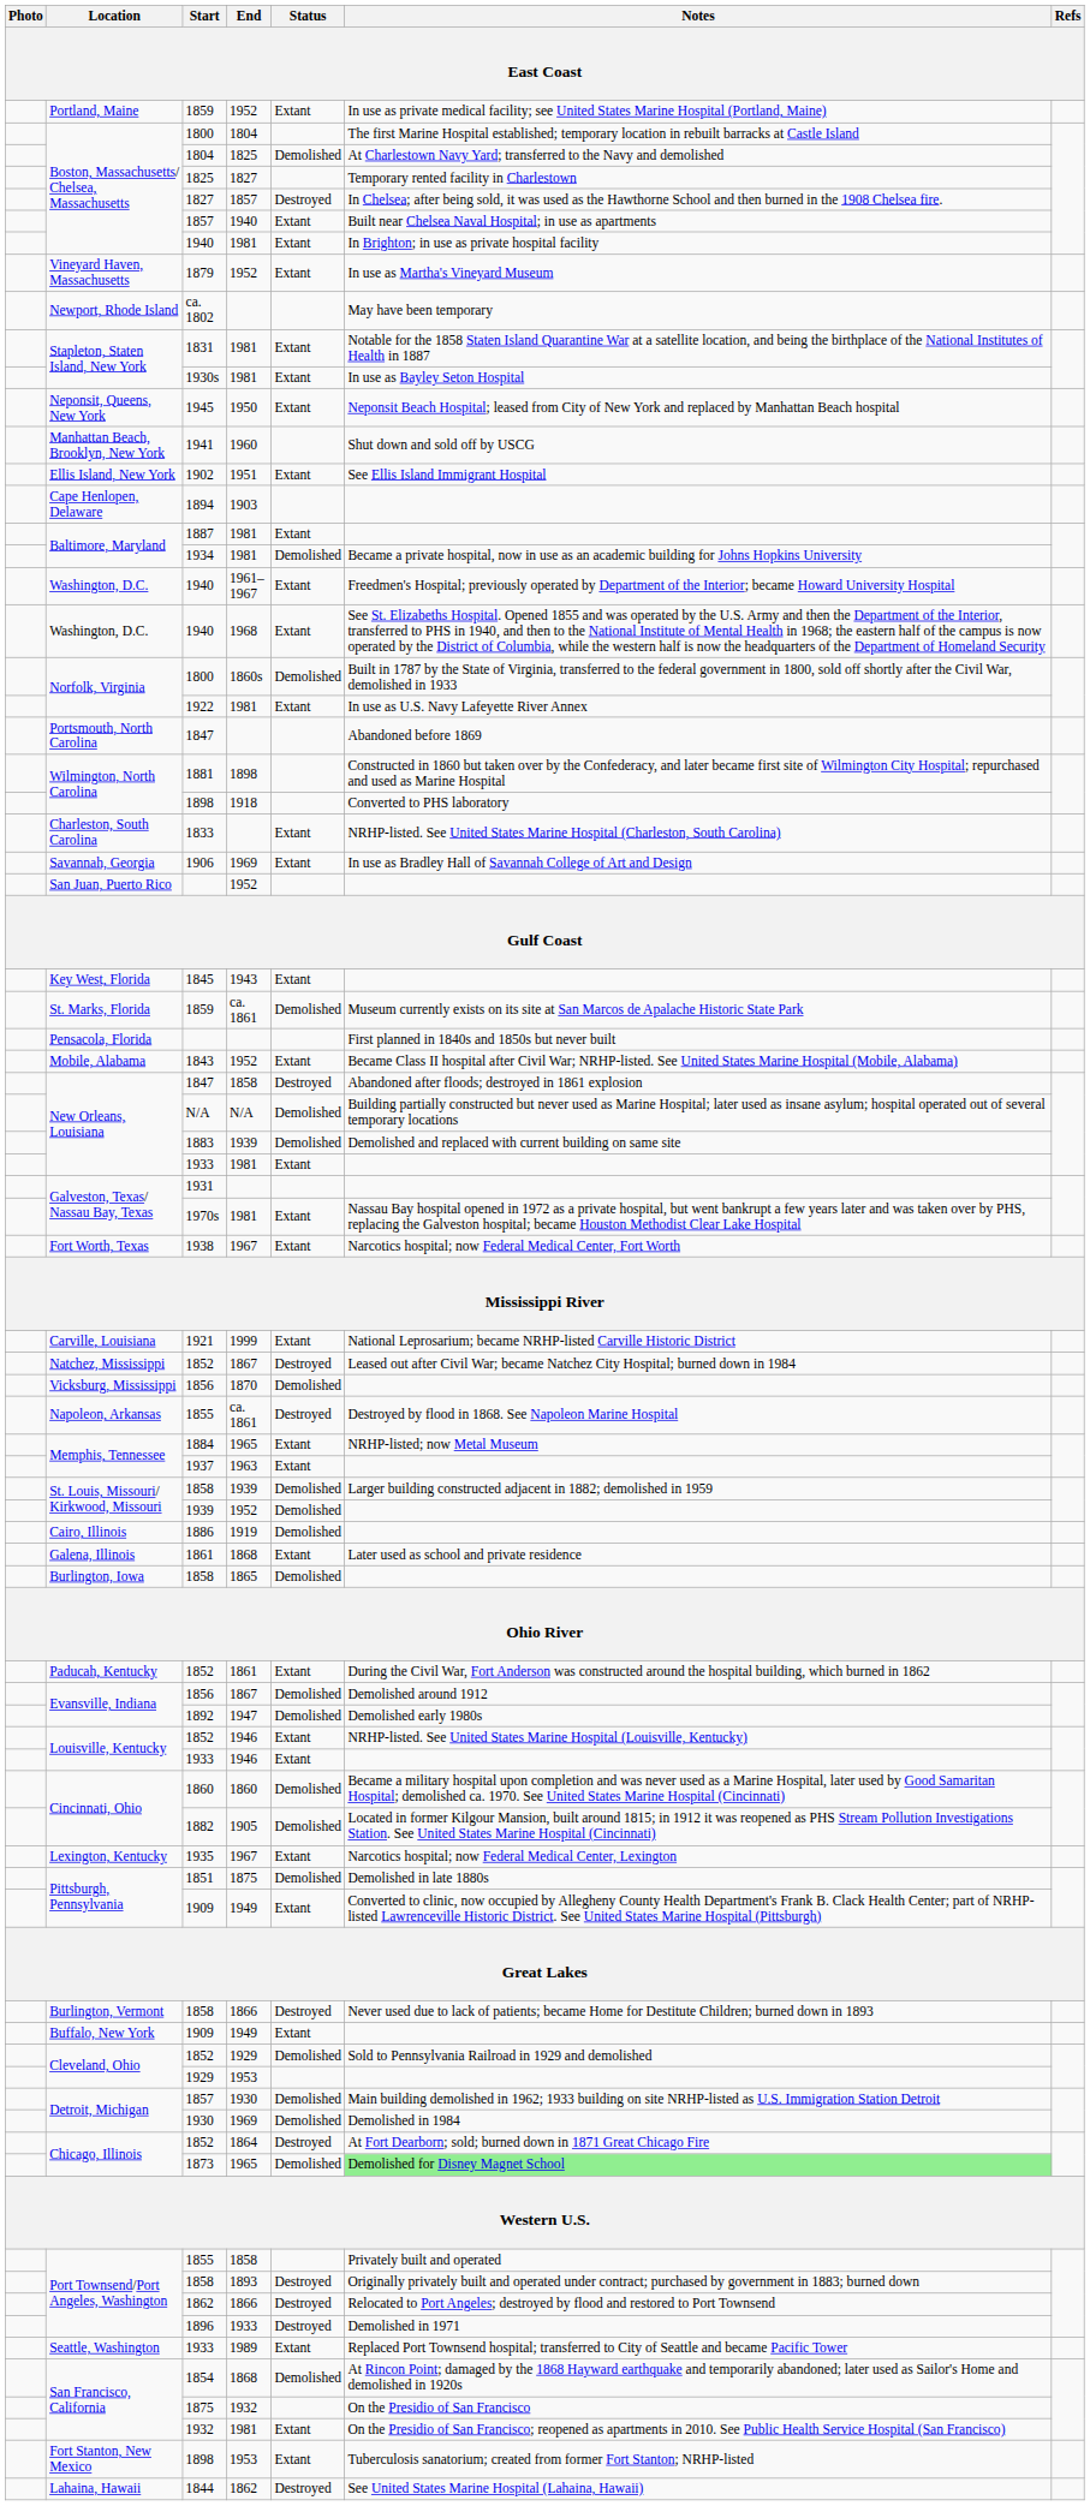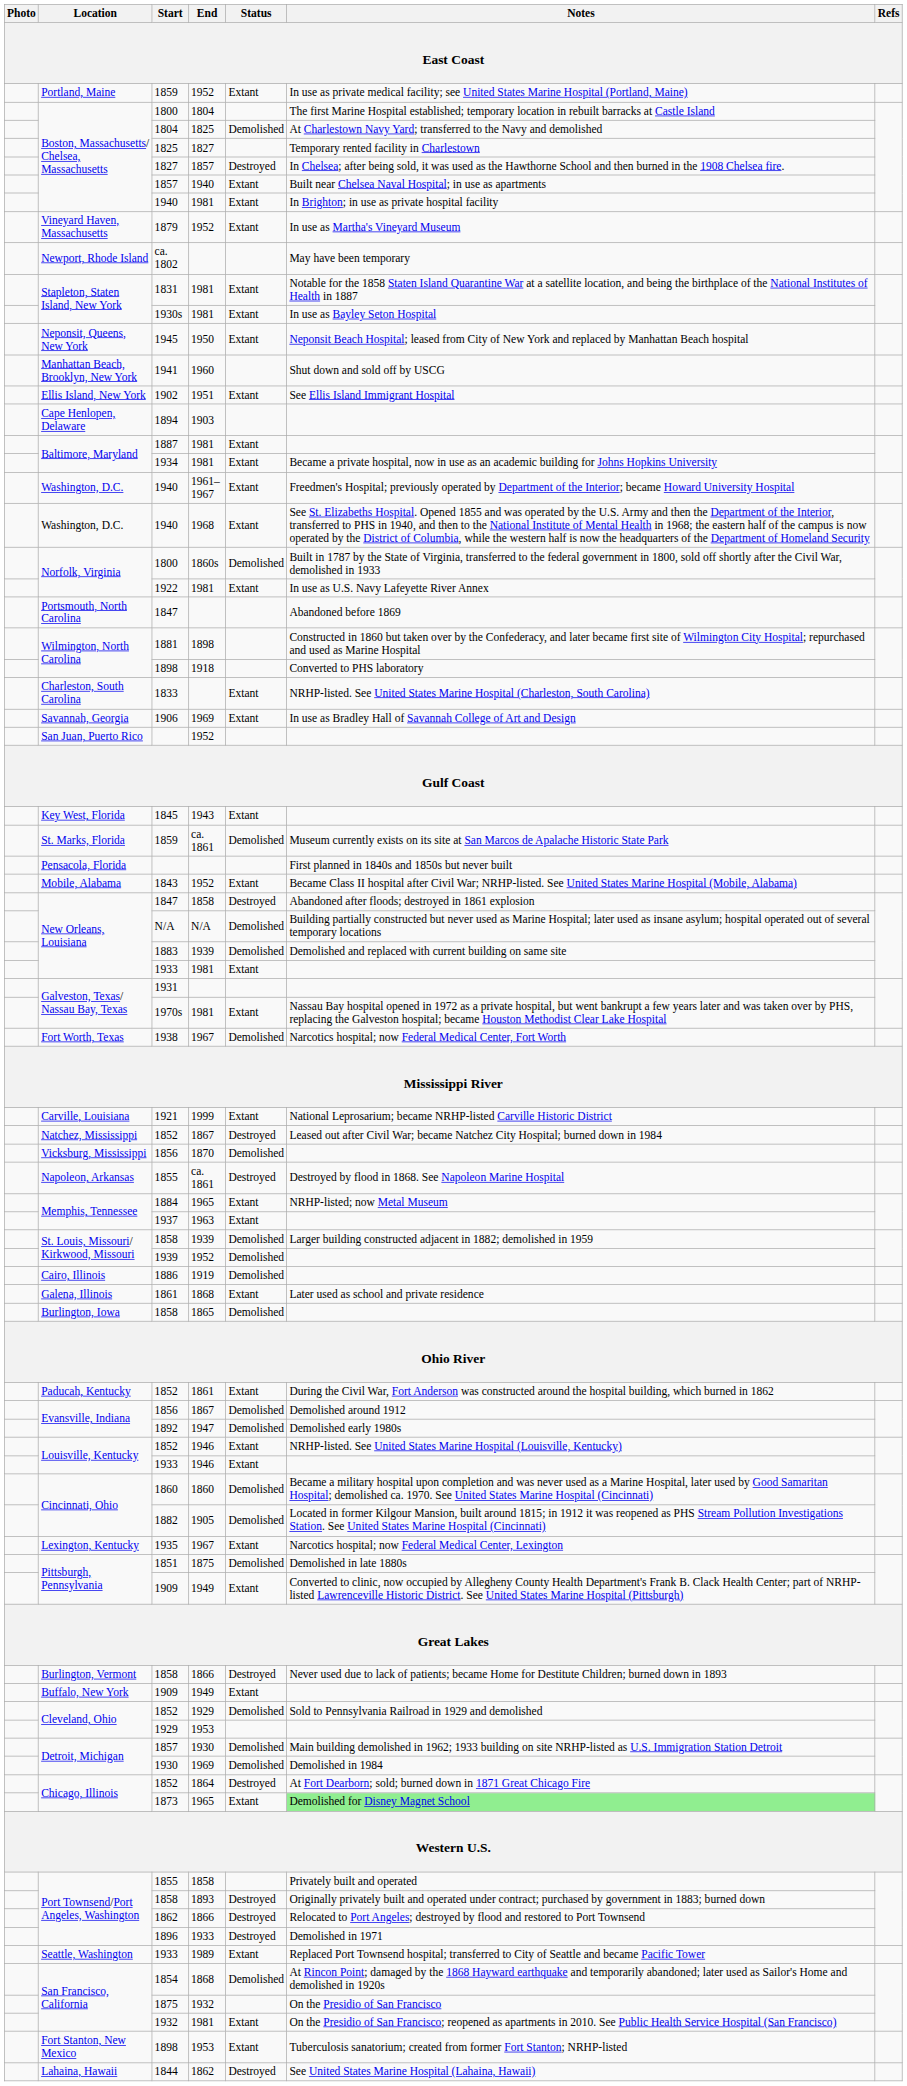 <table class="wikitable sortable">
 <tr>
 <th>Photo</th>
 <th>Location</th>
 <th>Start</th>
 <th>End</th>
 <th>Status</th>
 <th>Notes</th>
 <th>Refs</th>
 </tr>
 <tr>
 <th colspan="7"><br><h3>East Coast</h3></th>
 </tr>
 <tr>
 <td></td>
 <td><a href='#'>Portland, Maine</a></td>
 <td>1859</td>
 <td>1952</td>
 <td>Extant</td>
 <td>In use as private medical facility; see <a href='#'>United States Marine Hospital (Portland, Maine)</a></td>
 <td></td>
 </tr>
 <tr>
 <td></td>
 <td rowspan="6"><a href='#'>Boston, Massachusetts</a>/<br><a href='#'>Chelsea, Massachusetts</a></td>
 <td>1800</td>
 <td>1804</td>
 <td></td>
 <td>The first Marine Hospital established; temporary location in rebuilt barracks at <a href='#'>Castle Island</a></td>
 <td rowspan="6"></td>
 </tr>
 <tr>
 <td></td>
 <td>1804</td>
 <td>1825</td>
 <td>Demolished</td>
 <td>At <a href='#'>Charlestown Navy Yard</a>; transferred to the Navy and demolished</td>
 </tr>
 <tr>
 <td></td>
 <td>1825</td>
 <td>1827</td>
 <td></td>
 <td>Temporary rented facility in <a href='#'>Charlestown</a></td>
 </tr>
 <tr>
 <td></td>
 <td>1827</td>
 <td>1857</td>
 <td>Destroyed</td>
 <td>In <a href='#'>Chelsea</a>; after being sold, it was used as the Hawthorne School and then burned in the <a href='#'>1908 Chelsea fire</a>.</td>
 </tr>
 <tr>
 <td></td>
 <td>1857</td>
 <td>1940</td>
 <td>Extant</td>
 <td>Built near <a href='#'>Chelsea Naval Hospital</a>; in use as apartments</td>
 </tr>
 <tr>
 <td></td>
 <td>1940</td>
 <td>1981</td>
 <td>Extant</td>
 <td>In <a href='#'>Brighton</a>; in use as private hospital facility</td>
 </tr>
 <tr>
 <td></td>
 <td><a href='#'>Vineyard Haven, Massachusetts</a></td>
 <td>1879</td>
 <td>1952</td>
 <td>Extant</td>
 <td>In use as <a href='#'>Martha's Vineyard Museum</a></td>
 <td></td>
 </tr>
 <tr>
 <td></td>
 <td><a href='#'>Newport, Rhode Island</a></td>
 <td>ca. 1802</td>
 <td></td>
 <td></td>
 <td>May have been temporary</td>
 <td></td>
 </tr>
 <tr>
 <td></td>
 <td rowspan="2"><a href='#'>Stapleton, Staten Island, New York</a></td>
 <td>1831</td>
 <td>1981</td>
 <td>Extant</td>
 <td>Notable for the 1858 <a href='#'>Staten Island Quarantine War</a> at a satellite location, and being the birthplace of the <a href='#'>National Institutes of Health</a> in 1887</td>
 <td rowspan="2"></td>
 </tr>
 <tr>
 <td></td>
 <td>1930s</td>
 <td>1981</td>
 <td>Extant</td>
 <td>In use as <a href='#'>Bayley Seton Hospital</a></td>
 </tr>
 <tr>
 <td></td>
 <td><a href='#'>Neponsit, Queens, New York</a></td>
 <td>1945</td>
 <td>1950</td>
 <td>Extant</td>
 <td><a href='#'>Neponsit Beach Hospital</a>; leased from City of New York and replaced by Manhattan Beach hospital</td>
 <td></td>
 </tr>
 <tr>
 <td></td>
 <td><a href='#'>Manhattan Beach, Brooklyn, New York</a></td>
 <td>1941</td>
 <td>1960</td>
 <td></td>
 <td>Shut down and sold off by USCG</td>
 <td></td>
 </tr>
 <tr>
 <td></td>
 <td><a href='#'>Ellis Island, New York</a></td>
 <td>1902</td>
 <td>1951</td>
 <td>Extant</td>
 <td>See <a href='#'>Ellis Island Immigrant Hospital</a></td>
 <td></td>
 </tr>
 <tr>
 <td></td>
 <td><a href='#'>Cape Henlopen, Delaware</a></td>
 <td>1894</td>
 <td>1903</td>
 <td></td>
 <td></td>
 <td></td>
 </tr>
 <tr>
 <td></td>
 <td rowspan="2"><a href='#'>Baltimore, Maryland</a></td>
 <td>1887</td>
 <td>1981</td>
 <td>Extant</td>
 <td></td>
 <td rowspan="2"></td>
 </tr>
 <tr>
 <td></td>
 <td>1934</td>
 <td>1981</td>
-<td>Demolished</td>
+<td>Extant</td>
 <td>Became a private hospital, now in use as an academic building for <a href='#'>Johns Hopkins University</a></td>
 </tr>
 <tr>
 <td></td>
 <td><a href='#'>Washington, D.C.</a></td>
 <td>1940</td>
 <td>1961–<br>1967</td>
 <td>Extant</td>
 <td>Freedmen's Hospital; previously operated by <a href='#'>Department of the Interior</a>; became <a href='#'>Howard University Hospital</a></td>
 <td></td>
 </tr>
 <tr>
 <td></td>
 <td>Washington, D.C.</td>
 <td>1940</td>
 <td>1968</td>
 <td>Extant</td>
 <td>See <a href='#'>St. Elizabeths Hospital</a>.  Opened 1855 and was operated by the U.S. Army and then the <a href='#'>Department of the Interior</a>, transferred to PHS in 1940, and then to the <a href='#'>National Institute of Mental Health</a> in 1968; the eastern half of the campus is now operated by the <a href='#'>District of Columbia</a>, while the western half is now the headquarters of the <a href='#'>Department of Homeland Security</a></td>
 <td></td>
 </tr>
 <tr>
 <td></td>
 <td rowspan="2"><a href='#'>Norfolk, Virginia</a></td>
 <td>1800</td>
 <td>1860s</td>
 <td>Demolished</td>
 <td>Built in 1787 by the State of Virginia, transferred to the federal government in 1800, sold off shortly after the Civil War, demolished in 1933</td>
 <td rowspan="2"></td>
 </tr>
 <tr>
 <td></td>
 <td>1922</td>
 <td>1981</td>
 <td>Extant</td>
 <td>In use as U.S. Navy Lafeyette River Annex</td>
 </tr>
 <tr>
 <td></td>
 <td><a href='#'>Portsmouth, North Carolina</a></td>
 <td>1847</td>
 <td></td>
 <td></td>
 <td>Abandoned before 1869</td>
 <td></td>
 </tr>
 <tr>
 <td></td>
 <td rowspan="2"><a href='#'>Wilmington, North Carolina</a></td>
 <td>1881</td>
 <td>1898</td>
 <td></td>
 <td>Constructed in 1860 but taken over by the Confederacy, and later became first site of <a href='#'>Wilmington City Hospital</a>; repurchased and used as Marine Hospital</td>
 <td rowspan="2"></td>
 </tr>
 <tr>
 <td></td>
 <td>1898</td>
 <td>1918</td>
 <td></td>
 <td>Converted to PHS laboratory</td>
 </tr>
 <tr>
 <td></td>
 <td><a href='#'>Charleston, South Carolina</a></td>
 <td>1833</td>
 <td></td>
 <td>Extant</td>
 <td>NRHP-listed.  See <a href='#'>United States Marine Hospital (Charleston, South Carolina)</a></td>
 <td></td>
 </tr>
 <tr>
 <td></td>
 <td><a href='#'>Savannah, Georgia</a></td>
 <td>1906</td>
 <td>1969</td>
 <td>Extant</td>
 <td>In use as Bradley Hall of <a href='#'>Savannah College of Art and Design</a></td>
 <td></td>
 </tr>
 <tr>
 <td></td>
 <td><a href='#'>San Juan, Puerto Rico</a></td>
 <td></td>
 <td>1952</td>
 <td></td>
 <td></td>
 <td></td>
 </tr>
 <tr>
 <th colspan="7"><br><h3>Gulf Coast</h3></th>
 </tr>
 <tr>
 <td></td>
 <td><a href='#'>Key West, Florida</a></td>
 <td>1845</td>
 <td>1943</td>
 <td>Extant</td>
 <td></td>
 <td></td>
 </tr>
 <tr>
 <td></td>
 <td><a href='#'>St. Marks, Florida</a></td>
 <td>1859</td>
 <td>ca. 1861</td>
 <td>Demolished</td>
 <td>Museum currently exists on its site at <a href='#'>San Marcos de Apalache Historic State Park</a></td>
 <td></td>
 </tr>
 <tr>
 <td></td>
 <td><a href='#'>Pensacola, Florida</a></td>
 <td></td>
 <td></td>
 <td></td>
 <td>First planned in 1840s and 1850s but never built</td>
 <td></td>
 </tr>
 <tr>
 <td></td>
 <td><a href='#'>Mobile, Alabama</a></td>
 <td>1843</td>
 <td>1952</td>
 <td>Extant</td>
 <td>Became Class II hospital after Civil War; NRHP-listed.  See <a href='#'>United States Marine Hospital (Mobile, Alabama)</a></td>
 <td></td>
 </tr>
 <tr>
 <td></td>
 <td rowspan="4"><a href='#'>New Orleans, Louisiana</a></td>
 <td>1847</td>
 <td>1858</td>
 <td>Destroyed</td>
 <td>Abandoned after floods; destroyed in 1861 explosion</td>
 <td rowspan="4"></td>
 </tr>
 <tr>
 <td></td>
 <td>N/A</td>
 <td>N/A</td>
 <td>Demolished</td>
 <td>Building partially constructed but never used as Marine Hospital; later used as insane asylum; hospital operated out of several temporary locations</td>
 </tr>
 <tr>
 <td></td>
 <td>1883</td>
 <td>1939</td>
 <td>Demolished</td>
 <td>Demolished and replaced with current building on same site</td>
 </tr>
 <tr>
 <td></td>
 <td>1933</td>
 <td>1981</td>
 <td>Extant</td>
 <td></td>
 </tr>
 <tr>
 <td></td>
 <td rowspan="2"><a href='#'>Galveston, Texas</a>/<br><a href='#'>Nassau Bay, Texas</a></td>
 <td>1931</td>
 <td></td>
 <td></td>
 <td></td>
 <td rowspan="2"></td>
 </tr>
 <tr>
 <td></td>
 <td>1970s</td>
 <td>1981</td>
 <td>Extant</td>
 <td>Nassau Bay hospital opened in 1972 as a private hospital, but went bankrupt a few years later and was taken over by PHS, replacing the Galveston hospital; became <a href='#'>Houston Methodist Clear Lake Hospital</a></td>
 </tr>
 <tr>
 <td></td>
 <td><a href='#'>Fort Worth, Texas</a></td>
 <td>1938</td>
 <td>1967</td>
-<td>Extant</td>
+<td>Demolished</td>
 <td>Narcotics hospital; now <a href='#'>Federal Medical Center, Fort Worth</a></td>
 <td></td>
 </tr>
 <tr>
 <th colspan="7"><br><h3>Mississippi River</h3></th>
 </tr>
 <tr>
 <td></td>
 <td><a href='#'>Carville, Louisiana</a></td>
 <td>1921</td>
 <td>1999</td>
 <td>Extant</td>
 <td>National Leprosarium; became NRHP-listed <a href='#'>Carville Historic District</a></td>
 <td></td>
 </tr>
 <tr>
 <td></td>
 <td><a href='#'>Natchez, Mississippi</a></td>
 <td>1852</td>
 <td>1867</td>
 <td>Destroyed</td>
 <td>Leased out after Civil War; became Natchez City Hospital; burned down in 1984</td>
 <td></td>
 </tr>
 <tr>
 <td></td>
 <td><a href='#'>Vicksburg, Mississippi</a></td>
 <td>1856</td>
 <td>1870</td>
 <td>Demolished</td>
 <td></td>
 <td></td>
 </tr>
 <tr>
 <td></td>
 <td><a href='#'>Napoleon, Arkansas</a></td>
 <td>1855</td>
 <td>ca. 1861</td>
 <td>Destroyed</td>
 <td>Destroyed by flood in 1868.  See <a href='#'>Napoleon Marine Hospital</a></td>
 <td></td>
 </tr>
 <tr>
 <td></td>
 <td rowspan="2"><a href='#'>Memphis, Tennessee</a></td>
 <td>1884</td>
 <td>1965</td>
 <td>Extant</td>
 <td>NRHP-listed; now <a href='#'>Metal Museum</a></td>
 <td rowspan="2"></td>
 </tr>
 <tr>
 <td></td>
 <td>1937</td>
 <td>1963</td>
 <td>Extant</td>
 <td></td>
 </tr>
 <tr>
 <td></td>
 <td rowspan="2"><a href='#'>St. Louis, Missouri</a>/<br><a href='#'>Kirkwood, Missouri</a></td>
 <td>1858</td>
 <td>1939</td>
 <td>Demolished</td>
 <td>Larger building constructed adjacent in 1882; demolished in 1959</td>
 <td rowspan="2"></td>
 </tr>
 <tr>
 <td></td>
 <td>1939</td>
 <td>1952</td>
 <td>Demolished</td>
 <td></td>
 </tr>
 <tr>
 <td></td>
 <td><a href='#'>Cairo, Illinois</a></td>
 <td>1886</td>
 <td>1919</td>
 <td>Demolished</td>
 <td></td>
 <td></td>
 </tr>
 <tr>
 <td></td>
 <td><a href='#'>Galena, Illinois</a></td>
 <td>1861</td>
 <td>1868</td>
 <td>Extant</td>
 <td>Later used as school and private residence</td>
 <td></td>
 </tr>
 <tr>
 <td></td>
 <td><a href='#'>Burlington, Iowa</a></td>
 <td>1858</td>
 <td>1865</td>
 <td>Demolished</td>
 <td></td>
 <td></td>
 </tr>
 <tr>
 <th colspan="7"><br><h3>Ohio River</h3></th>
 </tr>
 <tr>
 <td></td>
 <td><a href='#'>Paducah, Kentucky</a></td>
 <td>1852</td>
 <td>1861</td>
 <td>Extant</td>
 <td>During the Civil War, <a href='#'>Fort Anderson</a> was constructed around the hospital building, which burned in 1862</td>
 <td></td>
 </tr>
 <tr>
 <td></td>
 <td rowspan="2"><a href='#'>Evansville, Indiana</a></td>
 <td>1856</td>
 <td>1867</td>
 <td>Demolished</td>
 <td>Demolished around 1912</td>
 <td rowspan="2"></td>
 </tr>
 <tr>
 <td></td>
 <td>1892</td>
 <td>1947</td>
 <td>Demolished</td>
 <td>Demolished early 1980s</td>
 </tr>
 <tr>
 <td></td>
 <td rowspan="2"><a href='#'>Louisville, Kentucky</a></td>
 <td>1852</td>
 <td>1946</td>
 <td>Extant</td>
 <td>NRHP-listed.  See <a href='#'>United States Marine Hospital (Louisville, Kentucky)</a></td>
 <td rowspan="2"></td>
 </tr>
 <tr>
 <td></td>
 <td>1933</td>
 <td>1946</td>
 <td>Extant</td>
 <td></td>
 </tr>
 <tr>
 <td></td>
 <td rowspan="2"><a href='#'>Cincinnati, Ohio</a></td>
 <td>1860</td>
 <td>1860</td>
 <td>Demolished</td>
 <td>Became a military hospital upon completion and was never used as a Marine Hospital, later used by <a href='#'>Good Samaritan Hospital</a>; demolished ca. 1970.  See <a href='#'>United States Marine Hospital (Cincinnati)</a></td>
 <td rowspan="2"></td>
 </tr>
 <tr>
 <td></td>
 <td>1882</td>
 <td>1905</td>
 <td>Demolished</td>
 <td>Located in former Kilgour Mansion, built around 1815; in 1912 it was reopened as PHS <a href='#'>Stream Pollution Investigations Station</a>.  See <a href='#'>United States Marine Hospital (Cincinnati)</a></td>
 </tr>
 <tr>
 <td></td>
 <td><a href='#'>Lexington, Kentucky</a></td>
 <td>1935</td>
 <td>1967</td>
 <td>Extant</td>
 <td>Narcotics hospital; now <a href='#'>Federal Medical Center, Lexington</a></td>
 <td></td>
 </tr>
 <tr>
 <td></td>
 <td rowspan="2"><a href='#'>Pittsburgh, Pennsylvania</a></td>
 <td>1851</td>
 <td>1875</td>
 <td>Demolished</td>
 <td>Demolished in late 1880s</td>
 <td rowspan="2"></td>
 </tr>
 <tr>
 <td></td>
 <td>1909</td>
 <td>1949</td>
 <td>Extant</td>
 <td>Converted to clinic, now occupied by Allegheny County Health Department's Frank B. Clack Health Center; part of NRHP-listed <a href='#'>Lawrenceville Historic District</a>.  See <a href='#'>United States Marine Hospital (Pittsburgh)</a></td>
 </tr>
 <tr>
 <th colspan="7"><br><h3>Great Lakes</h3></th>
 </tr>
 <tr>
 <td></td>
 <td><a href='#'>Burlington, Vermont</a></td>
 <td>1858</td>
 <td>1866</td>
 <td>Destroyed</td>
 <td>Never used due to lack of patients; became Home for Destitute Children; burned down in 1893</td>
 <td></td>
 </tr>
 <tr>
 <td></td>
 <td><a href='#'>Buffalo, New York</a></td>
 <td>1909</td>
 <td>1949</td>
 <td>Extant</td>
 <td></td>
 <td></td>
 </tr>
 <tr>
 <td></td>
 <td rowspan="2"><a href='#'>Cleveland, Ohio</a></td>
 <td>1852</td>
 <td>1929</td>
 <td>Demolished</td>
 <td>Sold to Pennsylvania Railroad in 1929 and demolished</td>
 <td rowspan="2"></td>
 </tr>
 <tr>
 <td></td>
 <td>1929</td>
 <td>1953</td>
 <td></td>
 <td></td>
 </tr>
 <tr>
 <td></td>
 <td rowspan="2"><a href='#'>Detroit, Michigan</a></td>
 <td>1857</td>
 <td>1930</td>
 <td>Demolished</td>
 <td>Main building demolished in 1962; 1933 building on site NRHP-listed as <a href='#'>U.S. Immigration Station Detroit</a></td>
 <td rowspan="2"></td>
 </tr>
 <tr>
 <td></td>
 <td>1930</td>
 <td>1969</td>
 <td>Demolished</td>
 <td>Demolished in 1984</td>
 </tr>
 <tr>
 <td></td>
 <td rowspan="2"><a href='#'>Chicago, Illinois</a></td>
 <td>1852</td>
 <td>1864</td>
 <td>Destroyed</td>
 <td>At <a href='#'>Fort Dearborn</a>; sold; burned down in <a href='#'>1871 Great Chicago Fire</a></td>
 <td rowspan="2"></td>
 </tr>
 <tr>
 <td></td>
 <td>1873</td>
 <td>1965</td>
-<td>Demolished</td>
+<td>Extant</td>
 <td style="background: lightgreen;">Demolished for <a href='#'>Disney Magnet School</a></td>
 </tr>
 <tr>
 <th colspan="7"><br><h3>Western U.S.</h3></th>
 </tr>
 <tr>
 <td></td>
 <td rowspan="4"><a href='#'>Port Townsend</a>/<a href='#'>Port Angeles, Washington</a><br></td>
 <td>1855</td>
 <td>1858</td>
 <td></td>
 <td>Privately built and operated</td>
 <td rowspan="4"></td>
 </tr>
 <tr>
 <td></td>
 <td>1858</td>
 <td>1893</td>
 <td>Destroyed</td>
 <td>Originally privately built and operated under contract; purchased by government in 1883; burned down</td>
 </tr>
 <tr>
 <td></td>
 <td>1862</td>
 <td>1866</td>
 <td>Destroyed</td>
 <td>Relocated to <a href='#'>Port Angeles</a>; destroyed by flood and restored to Port Townsend</td>
 </tr>
 <tr>
 <td></td>
 <td>1896</td>
 <td>1933</td>
 <td>Destroyed</td>
 <td>Demolished in 1971</td>
 </tr>
 <tr>
 <td></td>
 <td><a href='#'>Seattle, Washington</a></td>
 <td>1933</td>
 <td>1989</td>
 <td>Extant</td>
 <td>Replaced Port Townsend hospital; transferred to City of Seattle and became <a href='#'>Pacific Tower</a></td>
 <td></td>
 </tr>
 <tr>
 <td></td>
 <td rowspan="3"><a href='#'>San Francisco, California</a></td>
 <td>1854</td>
 <td>1868</td>
 <td>Demolished</td>
 <td>At <a href='#'>Rincon Point</a>; damaged by the <a href='#'>1868 Hayward earthquake</a> and temporarily abandoned; later used as Sailor's Home and demolished in 1920s</td>
 <td rowspan="3"></td>
 </tr>
 <tr>
 <td></td>
 <td>1875</td>
 <td>1932</td>
 <td></td>
 <td>On the <a href='#'>Presidio of San Francisco</a></td>
 </tr>
 <tr>
 <td></td>
 <td>1932</td>
 <td>1981</td>
 <td>Extant</td>
 <td>On the <a href='#'>Presidio of San Francisco</a>; reopened as apartments in 2010.  See <a href='#'>Public Health Service Hospital (San Francisco)</a></td>
 </tr>
 <tr>
 <td></td>
 <td><a href='#'>Fort Stanton, New Mexico</a></td>
 <td>1898</td>
 <td>1953</td>
 <td>Extant</td>
 <td>Tuberculosis sanatorium; created from former <a href='#'>Fort Stanton</a>; NRHP-listed</td>
 <td></td>
 </tr>
 <tr>
 <td></td>
 <td><a href='#'>Lahaina, Hawaii</a></td>
 <td>1844</td>
 <td>1862</td>
 <td>Destroyed</td>
 <td>See <a href='#'>United States Marine Hospital (Lahaina, Hawaii)</a></td>
 <td></td>
 </tr>
 </table>
